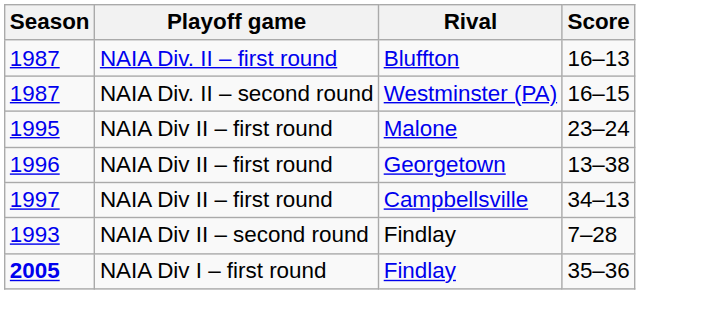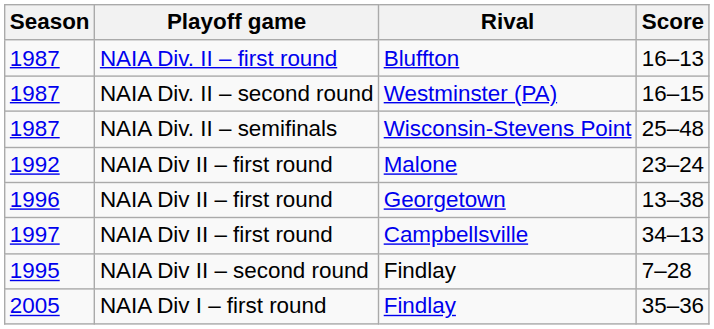 <table class= "wikitable sortable">
 <tr>
 <th width=px>Season</th>
 <th width=px>Playoff game</th>
 <th width=px>Rival</th>
 <th width=px>Score</th>
 </tr>
 <tr>
 <td><a href='#'>1987</a></td>
 <td><a href='#'>NAIA Div. II – first round</a></td>
 <td><a href='#'>Bluffton</a></td>
 <td>16–13</td>
 </tr>
 <tr>
 <td><a href='#'>1987</a></td>
 <td>NAIA Div. II – second round</td>
 <td><a href='#'>Westminster (PA)</a></td>
 <td>16–15</td>
 </tr>
 <tr>
-<td><a href='#'>1995</a></td>
+<td><a href='#'>1987</a></td>
+<td>NAIA Div. II – semifinals</td>
+<td><a href='#'>Wisconsin-Stevens Point</a></td>
+<td>25–48 </td>
+</tr>
+<tr>
+<td><a href='#'>1992</a></td>
 <td>NAIA Div II – first round</td>
 <td><a href='#'>Malone</a></td>
 <td>23–24</td>
 </tr>
 <tr>
 <td><a href='#'>1996</a></td>
 <td>NAIA Div II – first round</td>
 <td><a href='#'>Georgetown</a></td>
 <td>13–38</td>
 </tr>
 <tr>
 <td><a href='#'>1997</a></td>
 <td>NAIA Div II – first round</td>
 <td><a href='#'>Campbellsville</a></td>
 <td>34–13</td>
 </tr>
 <tr>
-<td><a href='#'>1993</a></td>
+<td><a href='#'>1995</a></td>
 <td>NAIA Div II – second round</td>
 <td>Findlay</td>
 <td>7–28</td>
 </tr>
 <tr>
-<td><strong><a href='#'>2005</a></strong></td>
+<td><a href='#'>2005</a></td>
 <td>NAIA Div I – first round</td>
 <td><a href='#'>Findlay</a></td>
 <td>35–36</td>
 </tr>
 </table>
